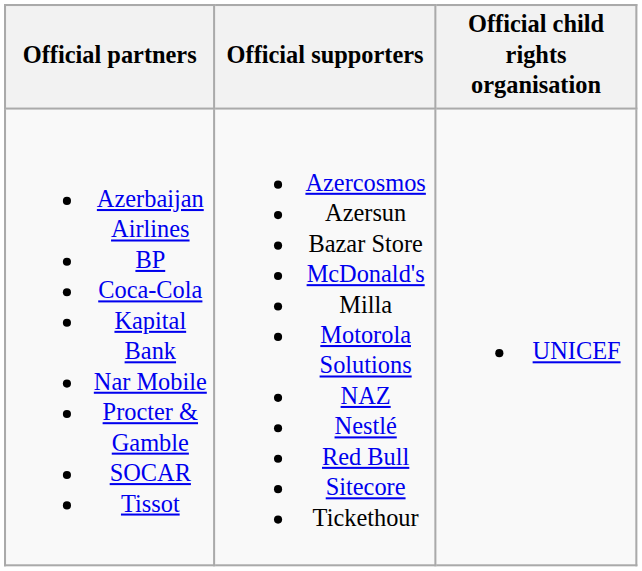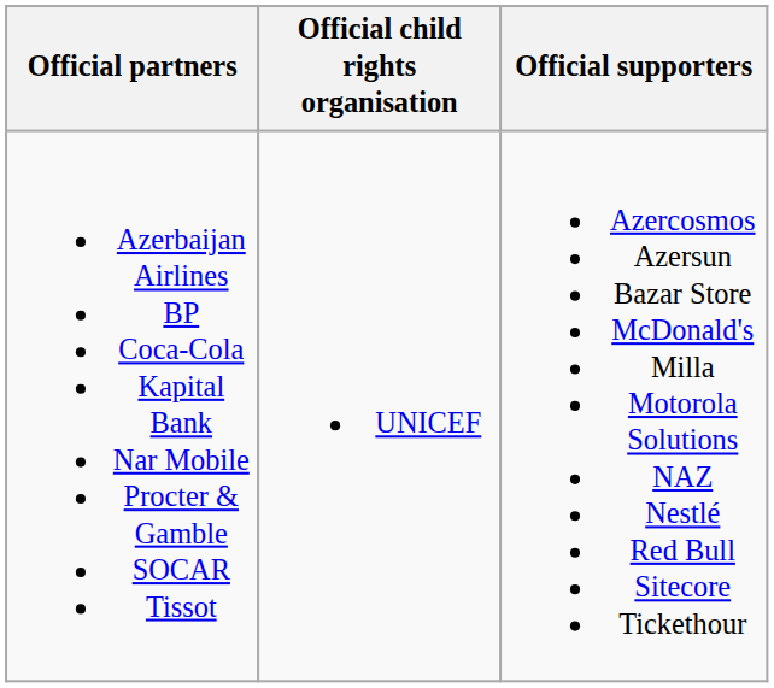 <table class="wikitable"  style="font-size:12px; text-align:center; width:50%;">
 <tr>
 <th>Official partners</th>
+<th>Official child rights organisation</th>
 <th>Official supporters</th>
-<th>Official child rights organisation</th>
 </tr>
 <tr>
 <td><br><ul><li><a href='#'>Azerbaijan Airlines</a></li><li><a href='#'>BP</a></li><li><a href='#'>Coca-Cola</a></li><li><a href='#'>Kapital Bank</a></li><li><a href='#'>Nar Mobile</a></li><li><a href='#'>Procter & Gamble</a></li><li><a href='#'>SOCAR</a></li><li><a href='#'>Tissot</a></li></ul></td>
+<td><br><ul><li><a href='#'>UNICEF</a></li></ul></td>
 <td><br><ul><li><a href='#'>Azercosmos</a></li><li>Azersun</li><li>Bazar Store</li><li><a href='#'>McDonald's</a></li><li>Milla</li><li><a href='#'>Motorola Solutions</a></li><li><a href='#'>NAZ</a></li><li><a href='#'>Nestlé</a></li><li><a href='#'>Red Bull</a></li><li><a href='#'>Sitecore</a></li><li>Tickethour</li></ul></td>
-<td><br><ul><li><a href='#'>UNICEF</a></li></ul></td>
 </tr>
 </table>
